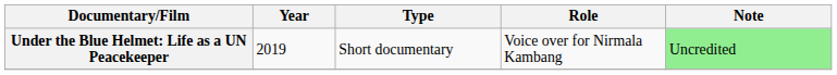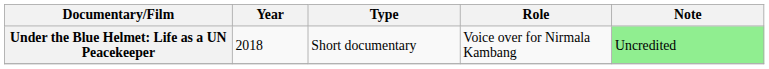 <table class="wikitable plainrowheaders" width="100%" textcolor:#000;">
 <tr style="background:#b0e0e66;">
 <th scope="col" width=30%><strong>Documentary/Film</strong></th>
 <th scope="col" width=10%><strong>Year</strong></th>
 <th scope="col" width=20%><strong>Type</strong></th>
 <th scope="col" width=20%><strong>Role</strong></th>
 <th scope="col" width=20%><strong>Note</strong></th>
 </tr>
 <tr>
 <th scope="row"><strong>Under the Blue Helmet: Life as a UN Peacekeeper</strong></th>
-<td>2019</td>
+<td>2018</td>
 <td>Short documentary</td>
 <td>Voice over for Nirmala Kambang</td>
 <td style="background: lightgreen;">Uncredited</td>
 </tr>
 <tr>
 </tr>
 </table>
